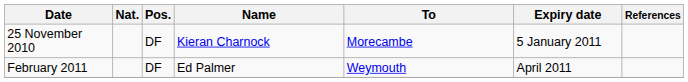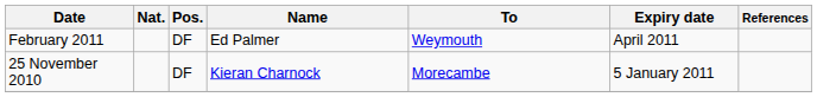 <table class="wikitable" style="font-size: 95%; text-align: left;">
 <tr>
 <th width=125>Date</th>
 <th>Nat.</th>
 <th>Pos.</th>
 <th width=200>Name</th>
 <th width=200>To</th>
 <th width=125>Expiry date</th>
 <th><small>References</small></th>
 </tr>
 <tr>
+<td>February 2011</td>
+<td></td>
+<td>DF</td>
+<td>Ed Palmer</td>
+<td><a href='#'>Weymouth</a></td>
+<td>April 2011</td>
+<td align="center"></td>
+</tr>
+<tr>
 <td>25 November 2010</td>
 <td></td>
 <td>DF</td>
 <td><a href='#'>Kieran Charnock</a></td>
 <td><a href='#'>Morecambe</a></td>
 <td>5 January 2011</td>
 <td align="center"></td>
 </tr>
 <tr>
-<td>February 2011</td>
-<td></td>
-<td>DF</td>
-<td>Ed Palmer</td>
-<td><a href='#'>Weymouth</a></td>
-<td>April 2011</td>
-<td align="center"></td>
-</tr>
-<tr>
 </tr>
 </table>
